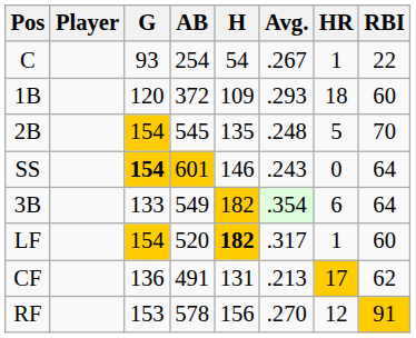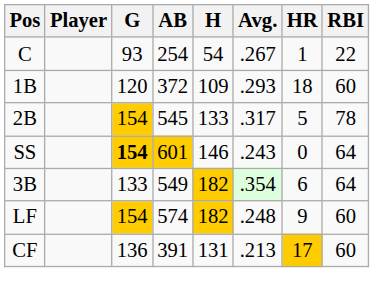 <table class="wikitable sortable" style="text-align:center;">
 <tr>
 <th>Pos</th>
 <th>Player</th>
 <th>G</th>
 <th>AB</th>
 <th>H</th>
 <th>Avg.</th>
 <th>HR</th>
 <th>RBI</th>
 </tr>
 <tr>
 <td>C</td>
 <td></td>
 <td>93</td>
 <td>254</td>
 <td>54</td>
 <td>.267</td>
 <td>1</td>
 <td>22</td>
 </tr>
 <tr>
 <td>1B</td>
 <td></td>
 <td>120</td>
 <td>372</td>
 <td>109</td>
 <td>.293</td>
 <td>18</td>
 <td>60</td>
 </tr>
 <tr>
 <td>2B</td>
 <td></td>
 <td style="background:#fc0;">154</td>
 <td>545</td>
-<td>135</td>
-<td>.248</td>
+<td>133</td>
+<td>.317</td>
 <td>5</td>
-<td>70</td>
+<td>78</td>
 </tr>
 <tr>
 <td>SS</td>
 <td></td>
 <td style="background:#fc0;"><strong>154</strong></td>
 <td style="background:#fc0;">601</td>
 <td>146</td>
 <td>.243</td>
 <td>0</td>
 <td>64</td>
 </tr>
 <tr>
 <td>3B</td>
 <td></td>
 <td>133</td>
 <td>549</td>
 <td style="background:#fc0;">182</td>
 <td style="background:#DDFFDD;">.354</td>
 <td>6</td>
 <td>64</td>
 </tr>
 <tr>
 <td>LF</td>
 <td></td>
 <td style="background:#fc0;">154</td>
-<td>520</td>
-<td style="background:#fc0;"><strong>182</strong></td>
-<td>.317</td>
-<td>1</td>
+<td>574</td>
+<td style="background:#fc0;">182</td>
+<td>.248</td>
+<td>9</td>
 <td>60</td>
 </tr>
 <tr>
 <td>CF</td>
 <td></td>
 <td>136</td>
-<td>491</td>
+<td>391</td>
 <td>131</td>
 <td>.213</td>
 <td style="background:#fc0;">17</td>
-<td>62</td>
-</tr>
-<tr>
-<td>RF</td>
-<td></td>
-<td>153</td>
-<td>578</td>
-<td>156</td>
-<td>.270</td>
-<td>12</td>
-<td style="background:#fc0;">91</td>
+<td>60</td>
 </tr>
 </table>
